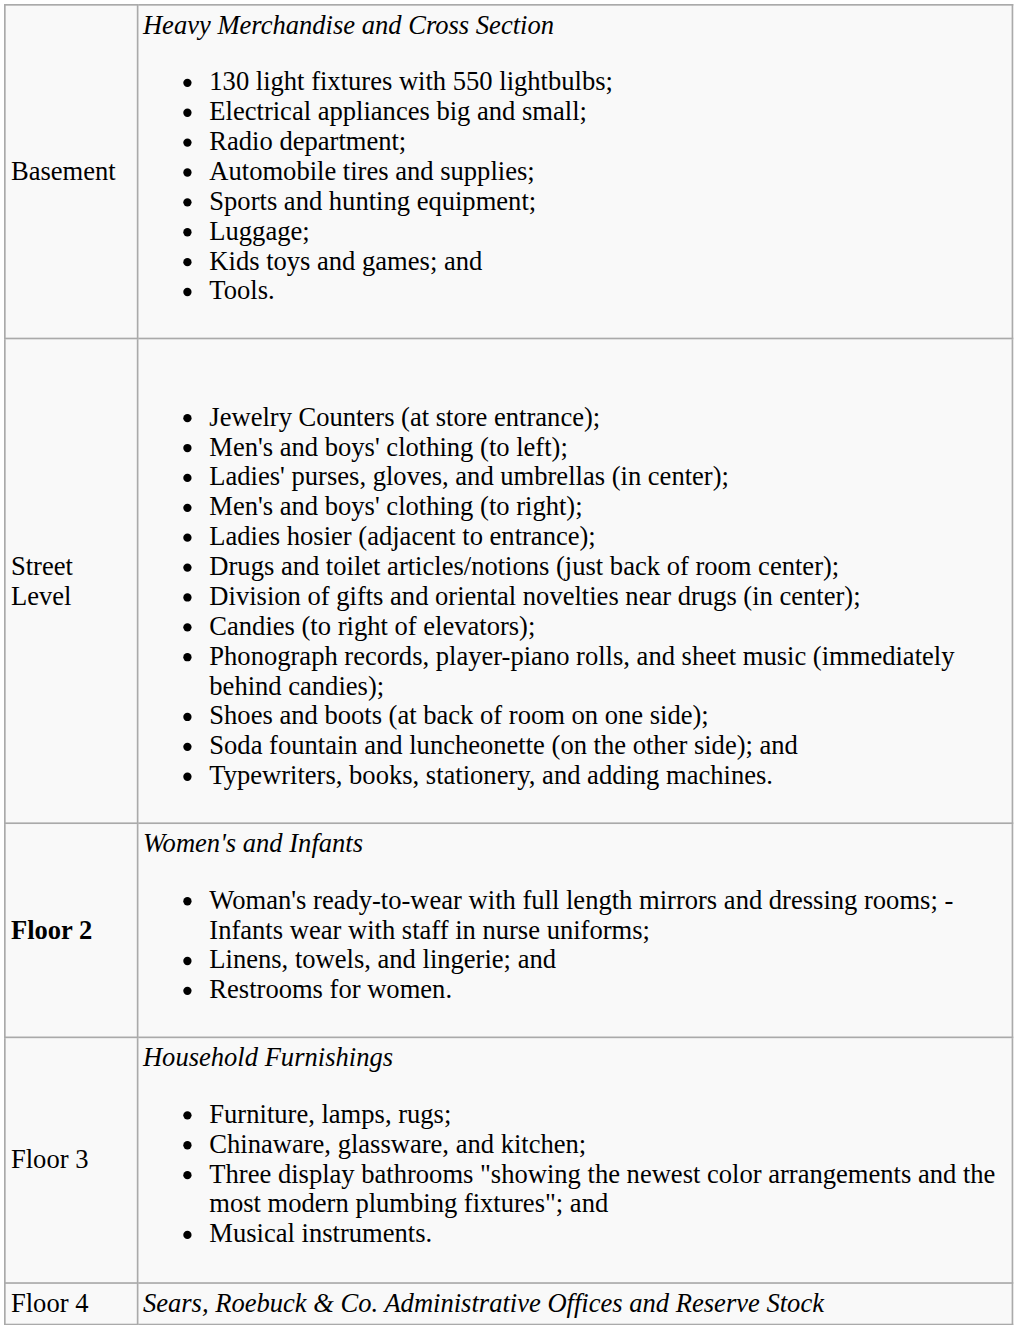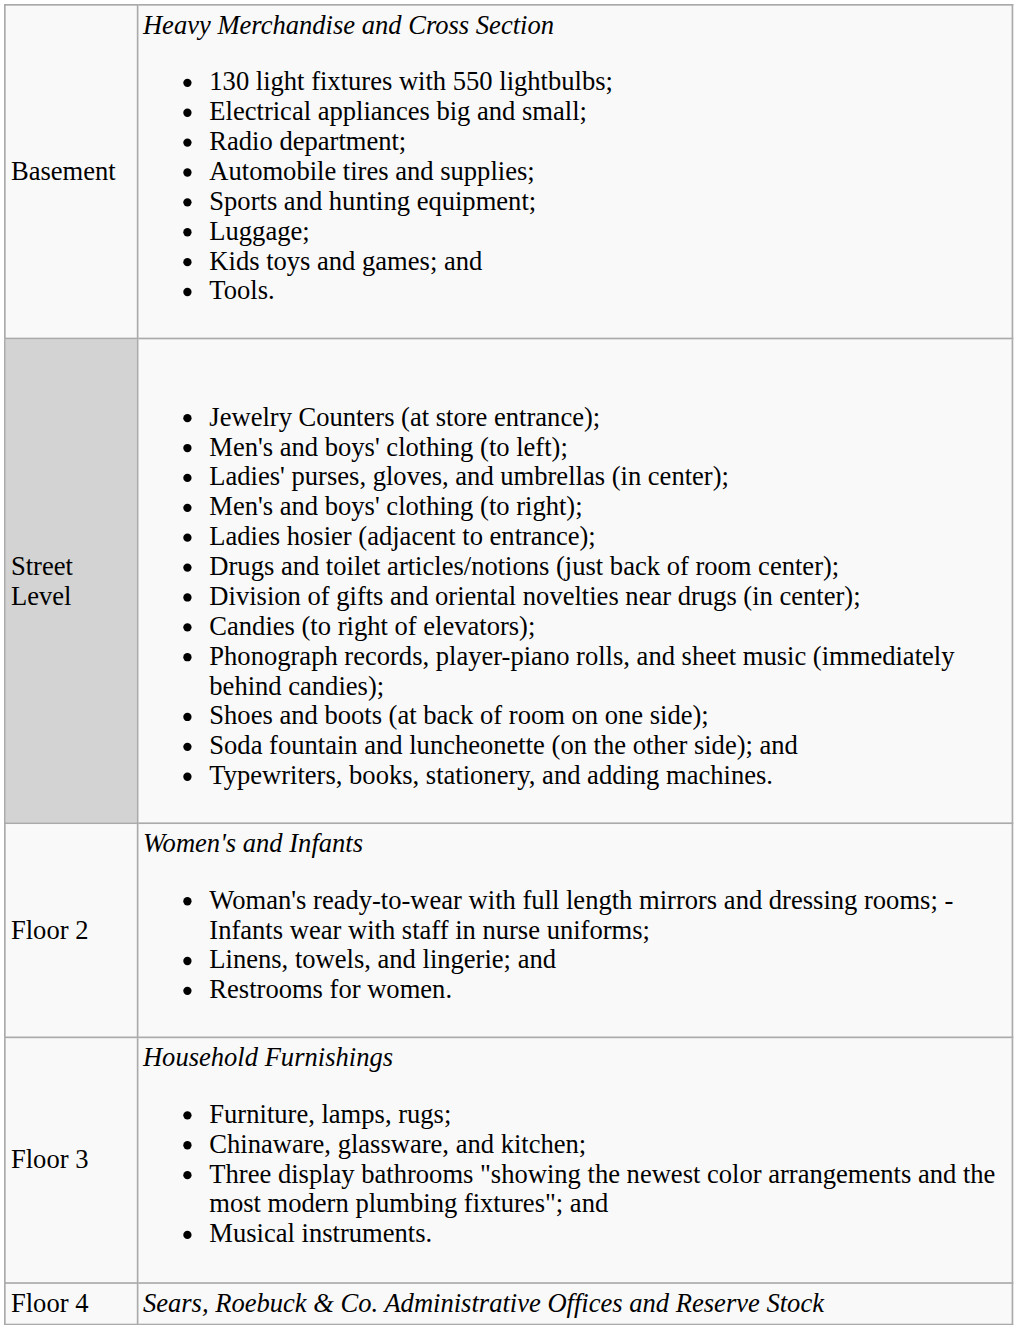 <table class="wikitable">
 <tr>
 <td>Basement</td>
 <td><em>Heavy Merchandise and Cross Section</em><br><ul><li>130 light fixtures with 550 lightbulbs;</li><li>Electrical appliances big and small;</li><li>Radio department;</li><li>Automobile tires and supplies;</li><li>Sports and hunting equipment;</li><li>Luggage;</li><li>Kids toys and games; and</li><li>Tools.</li></ul></td>
 </tr>
 <tr>
-<td>Street Level</td>
+<td style="background: lightgrey;">Street Level</td>
 <td><br><ul><li>Jewelry Counters (at store entrance);</li><li>Men's and boys' clothing (to left);</li><li>Ladies' purses, gloves, and umbrellas (in center);</li><li>Men's and boys' clothing (to right);</li><li>Ladies hosier (adjacent to entrance);</li><li>Drugs and toilet articles/notions (just back of room center);</li><li>Division of gifts and oriental novelties near drugs (in center);</li><li>Candies (to right of elevators);</li><li>Phonograph records, player-piano rolls, and sheet music (immediately behind candies);</li><li>Shoes and boots (at back of room on one side);</li><li>Soda fountain and luncheonette (on the other side); and</li><li>Typewriters, books, stationery, and adding machines.</li></ul></td>
 </tr>
 <tr>
-<td><strong>Floor 2</strong></td>
+<td>Floor 2</td>
 <td><em>Women's and Infants</em><br><ul><li>Woman's ready-to-wear with full length mirrors and dressing rooms; - Infants wear with staff in nurse uniforms;</li><li>Linens, towels, and lingerie; and</li><li>Restrooms for women.</li></ul></td>
 </tr>
 <tr>
 <td>Floor 3</td>
 <td><em>Household Furnishings</em><br><ul><li>Furniture, lamps, rugs;</li><li>Chinaware, glassware, and kitchen;</li><li>Three display bathrooms "showing the newest color arrangements and the most modern plumbing fixtures"; and</li><li>Musical instruments.</li></ul></td>
 </tr>
 <tr>
 <td>Floor 4</td>
 <td><em>Sears, Roebuck & Co. Administrative Offices and Reserve Stock</em></td>
 </tr>
 </table>
